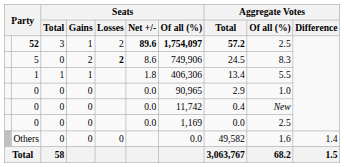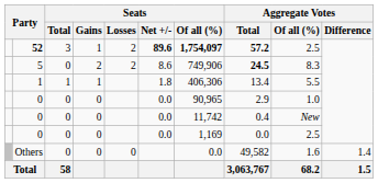 <table class="wikitable sortable" style="text-align:right; font-size:95%;">
 <tr>
 <th colspan="2" rowspan="2">Party</th>
 <th colspan="5">Seats</th>
 <th colspan="3">Aggregate Votes</th>
 </tr>
 <tr>
 <th>Total</th>
 <th>Gains</th>
 <th>Losses</th>
 <th>Net +/-</th>
 <th>Of all (%)</th>
 <th>Total</th>
 <th>Of all (%)</th>
 <th>Difference</th>
 </tr>
 <tr>
 <td></td>
 <td><strong>52</strong></td>
 <td>3</td>
 <td>1</td>
 <td>2</td>
 <td><strong>89.6</strong></td>
 <td><strong>1,754,097</strong></td>
 <td><strong>57.2</strong></td>
 <td>2.5</td>
 </tr>
 <tr>
 <td></td>
 <td>5</td>
 <td>0</td>
 <td>2</td>
-<td><strong>2</strong></td>
+<td>2</td>
 <td>8.6</td>
 <td>749,906</td>
-<td>24.5</td>
+<td><strong>24.5</strong></td>
 <td>8.3</td>
 </tr>
 <tr>
 <td></td>
 <td>1</td>
 <td>1</td>
 <td>1</td>
 <td></td>
 <td>1.8</td>
 <td>406,306</td>
 <td>13.4</td>
 <td>5.5</td>
 </tr>
 <tr>
 <td></td>
 <td>0</td>
 <td>0</td>
 <td>0</td>
 <td></td>
 <td>0.0</td>
 <td>90,965</td>
 <td>2.9</td>
 <td>1.0</td>
 </tr>
 <tr>
 <td></td>
 <td>0</td>
 <td>0</td>
 <td>0</td>
 <td></td>
 <td>0.0</td>
 <td>11,742</td>
 <td>0.4</td>
 <td><em>New</em></td>
 </tr>
 <tr>
 <td></td>
 <td>0</td>
 <td>0</td>
 <td>0</td>
 <td></td>
 <td>0.0</td>
 <td>1,169</td>
 <td>0.0</td>
 <td>2.5</td>
 </tr>
 <tr>
 <td style="background:silver;"> </td>
 <td align=left>Others</td>
 <td>0</td>
 <td>0</td>
 <td>0</td>
 <td></td>
 <td>0.0</td>
 <td>49,582</td>
 <td>1.6</td>
 <td>1.4</td>
 </tr>
 <tr class="sortbottom">
 <th colspan="2" style="background:#f2f2f2">Total</th>
 <td style="background:#f2f2f2;"><strong>58</strong></td>
 <td style="background:#f2f2f2;"></td>
 <td style="background:#f2f2f2;"></td>
 <td style="background:#f2f2f2;"></td>
 <td style="background:#f2f2f2;"></td>
 <td style="background:#f2f2f2;"><strong>3,063,767</strong></td>
 <td style="background:#f2f2f2;"><strong>68.2</strong></td>
 <td style="background:#f2f2f2;"><strong>1.5</strong></td>
 </tr>
 </table>
